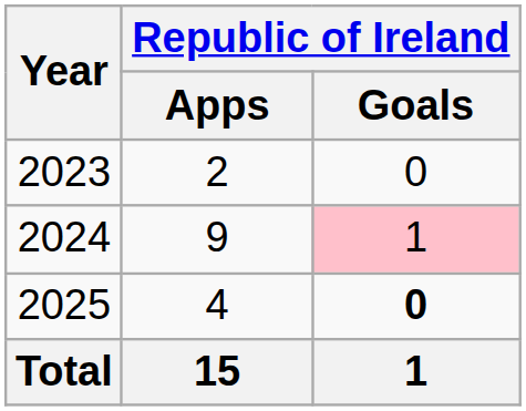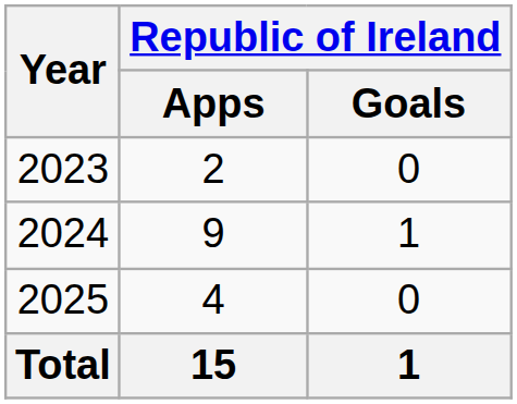 <table class="wikitable" style="text-align:center">
 <tr>
 <th rowspan=2>Year</th>
 <th colspan=2><a href='#'>Republic of Ireland</a></th>
 </tr>
 <tr>
 <th>Apps</th>
 <th>Goals</th>
 </tr>
 <tr>
 <td>2023</td>
 <td>2</td>
 <td>0</td>
 </tr>
 <tr>
 <td>2024</td>
 <td>9</td>
-<td style="background: pink;">1</td>
+<td>1</td>
 </tr>
 <tr>
 <td>2025</td>
 <td>4</td>
-<td><strong>0</strong></td>
+<td>0</td>
 </tr>
 <tr>
 <th>Total</th>
 <th>15</th>
 <th>1</th>
 </tr>
 </table>
